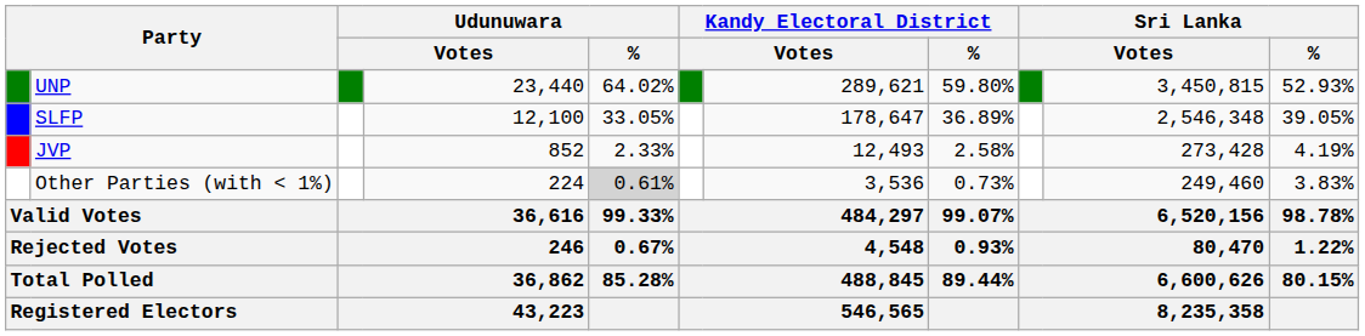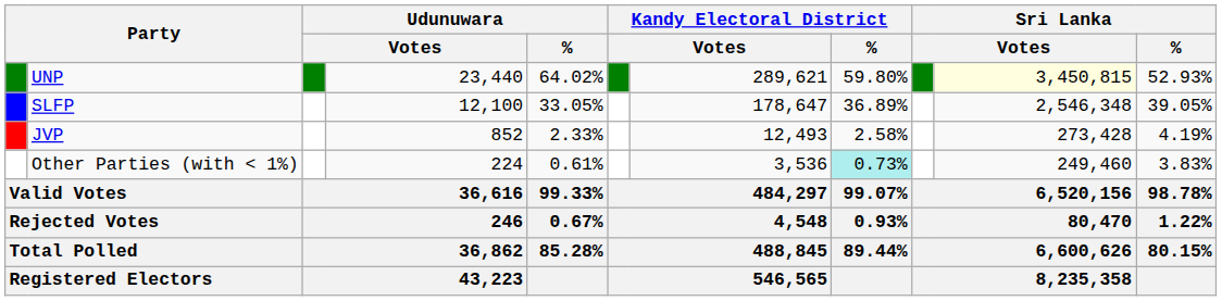 <table class="wikitable">
 <tr>
 <th colspan="2" width="144px"rowspan="2">Party</th>
 <th colspan="3" width="216px">Udunuwara</th>
 <th colspan="3" width="216px"><a href='#'>Kandy Electoral District</a></th>
 <th colspan="3" width="216px">Sri Lanka</th>
 </tr>
 <tr>
 <th colspan="2" width="144px">Votes</th>
 <th>%</th>
 <th colspan="2" width="144px">Votes</th>
 <th>%</th>
 <th colspan="2" width="144px">Votes</th>
 <th>%</th>
 </tr>
 <tr>
 <td style="background-color:green;" width="10px"></td>
 <td style="text-align:left;"><a href='#'>UNP</a></td>
 <td style="background-color:green;" width="10px"></td>
 <td style="text-align:right;">23,440</td>
 <td style="text-align:right;">64.02%</td>
 <td style="background-color:green;" width="10px"></td>
 <td style="text-align:right;">289,621</td>
 <td style="text-align:right;">59.80%</td>
 <td style="background-color:green;" width="10px"></td>
-<td style="text-align:right;">3,450,815</td>
+<td style="background: lightyellow; text-align:right;">3,450,815</td>
 <td style="text-align:right;">52.93%</td>
 </tr>
 <tr>
 <td style="background-color:blue;" width="10px"></td>
 <td style="text-align:left;"><a href='#'>SLFP</a></td>
 <td style="background-color:white;" width="10px"></td>
 <td style="text-align:right;">12,100</td>
 <td style="text-align:right;">33.05%</td>
 <td style="background-color:white;" width="10px"></td>
 <td style="text-align:right;">178,647</td>
 <td style="text-align:right;">36.89%</td>
 <td style="background-color:white;" width="10px"></td>
 <td style="text-align:right;">2,546,348</td>
 <td style="text-align:right;">39.05%</td>
 </tr>
 <tr>
 <td style="background-color:red;" width="10px"></td>
 <td style="text-align:left;"><a href='#'>JVP</a></td>
 <td style="background-color:white;" width="10px"></td>
 <td style="text-align:right;">852</td>
 <td style="text-align:right;">2.33%</td>
 <td style="background-color:white;" width="10px"></td>
 <td style="text-align:right;">12,493</td>
 <td style="text-align:right;">2.58%</td>
 <td style="background-color:white;" width="10px"></td>
 <td style="text-align:right;">273,428</td>
 <td style="text-align:right;">4.19%</td>
 </tr>
 <tr>
 <td style="background-color:white;" width="10px"></td>
 <td style="text-align:left;">Other Parties (with < 1%)</td>
 <td style="background-color:white;" width="10px"></td>
 <td style="text-align:right;">224</td>
-<td style="background: lightgrey; text-align:right;">0.61%</td>
+<td style="text-align:right;">0.61%</td>
 <td style="background-color:white;" width="10px"></td>
 <td style="text-align:right;">3,536</td>
-<td style="text-align:right;">0.73%</td>
+<td style="background: paleturquoise; text-align:right;">0.73%</td>
 <td style="background-color:white;" width="10px"></td>
 <td style="text-align:right;">249,460</td>
 <td style="text-align:right;">3.83%</td>
 </tr>
 <tr>
 <th colspan="2" width="144px"style="text-align:left;">Valid Votes</th>
 <th style="text-align:right;"colspan="2" width="144px">36,616</th>
 <th style="text-align:right;">99.33%</th>
 <th style="text-align:right;"colspan="2" width="144px">484,297</th>
 <th style="text-align:right;">99.07%</th>
 <th style="text-align:right;"colspan="2" width="144px">6,520,156</th>
 <th style="text-align:right;">98.78%</th>
 </tr>
 <tr>
 <th colspan="2" width="144px"style="text-align:left;">Rejected Votes</th>
 <th style="text-align:right;"colspan="2" width="144px">246</th>
 <th style="text-align:right;">0.67%</th>
 <th style="text-align:right;"colspan="2" width="144px">4,548</th>
 <th style="text-align:right;">0.93%</th>
 <th style="text-align:right;"colspan="2" width="144px">80,470</th>
 <th style="text-align:right;">1.22%</th>
 </tr>
 <tr>
 <th colspan="2" width="144px"style="text-align:left;">Total Polled</th>
 <th style="text-align:right;"colspan="2" width="144px">36,862</th>
 <th style="text-align:right;">85.28%</th>
 <th style="text-align:right;"colspan="2" width="144px">488,845</th>
 <th style="text-align:right;">89.44%</th>
 <th style="text-align:right;"colspan="2" width="144px">6,600,626</th>
 <th style="text-align:right;">80.15%</th>
 </tr>
 <tr>
 <th colspan="2" width="144px"style="text-align:left;">Registered Electors</th>
 <th style="text-align:right;"colspan="2" width="144px">43,223</th>
 <th></th>
 <th style="text-align:right;"colspan="2" width="144px">546,565</th>
 <th></th>
 <th style="text-align:right;"colspan="2" width="144px">8,235,358</th>
 <th></th>
 </tr>
 </table>
